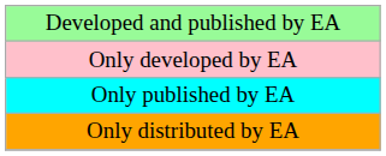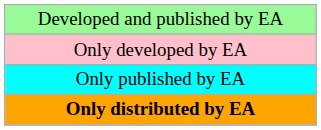 <table class="wikitable" style=width:30%;text-align:center>
 <tr>
 <td bgcolor=palegreen>Developed and published by EA</td>
 </tr>
 <tr>
 <td bgcolor=pink>Only developed by EA</td>
 </tr>
 <tr>
 <td bgcolor=cyan>Only published by EA</td>
 </tr>
 <tr>
-<td bgcolor=orange>Only distributed by EA</td>
+<td bgcolor=orange><strong>Only distributed by EA</strong></td>
 </tr>
 <tr>
 </tr>
 </table>
